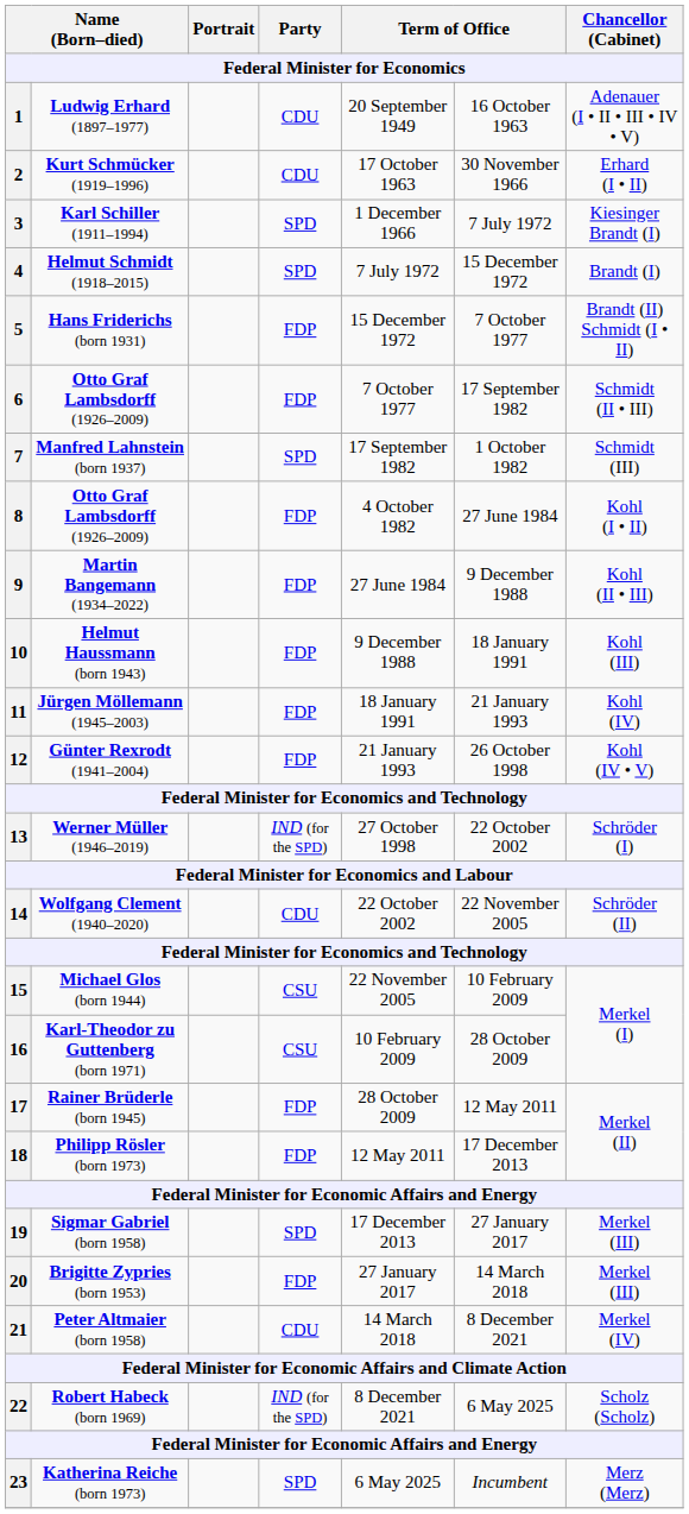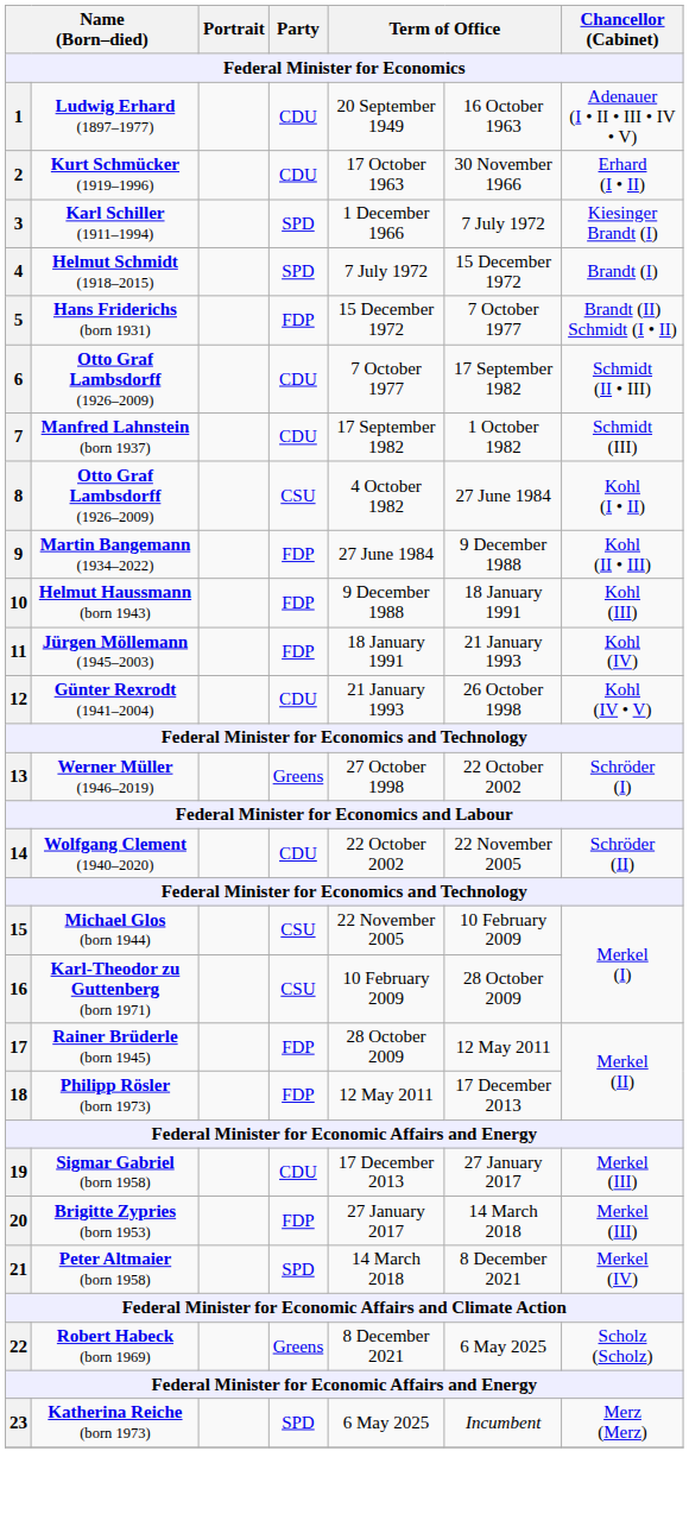 <table class="wikitable" style="text-align:center;">
 <tr>
 <th colspan=2>Name<br>(Born–died)</th>
 <th>Portrait</th>
 <th>Party</th>
 <th colspan=2>Term of Office</th>
 <th><a href='#'>Chancellor</a><br>(Cabinet)</th>
 </tr>
 <tr>
 <th style="background:#EEEEFF" align="center" colspan="7">Federal Minister for Economics</th>
 </tr>
 <tr>
 <th style="background:">1</th>
 <td><strong><a href='#'>Ludwig Erhard</a></strong><br><small>(1897–1977)</small></td>
 <td></td>
 <td><a href='#'>CDU</a></td>
 <td>20 September 1949</td>
 <td>16 October 1963</td>
 <td><a href='#'>Adenauer</a><br>(<a href='#'>I</a> • II • III • IV • V)</td>
 </tr>
 <tr>
 <th style="background:">2</th>
 <td><strong><a href='#'>Kurt Schmücker</a></strong><br><small>(1919–1996)</small></td>
 <td></td>
 <td><a href='#'>CDU</a></td>
 <td>17 October 1963</td>
 <td>30 November 1966</td>
 <td><a href='#'>Erhard</a><br>(<a href='#'>I</a> • <a href='#'>II</a>)</td>
 </tr>
 <tr>
 <th style="background:">3</th>
 <td><strong><a href='#'>Karl Schiller</a></strong><br><small>(1911–1994)</small></td>
 <td></td>
 <td><a href='#'>SPD</a></td>
 <td>1 December 1966</td>
 <td>7 July 1972</td>
 <td><a href='#'>Kiesinger</a><br><a href='#'>Brandt</a> (<a href='#'>I</a>)</td>
 </tr>
 <tr>
 <th style="background:">4</th>
 <td><strong><a href='#'>Helmut Schmidt</a></strong><br><small>(1918–2015)</small></td>
 <td></td>
 <td><a href='#'>SPD</a></td>
 <td>7 July 1972</td>
 <td>15 December 1972</td>
 <td><a href='#'>Brandt</a> (<a href='#'>I</a>)</td>
 </tr>
 <tr>
 <th style="background:">5</th>
 <td><strong><a href='#'>Hans Friderichs</a></strong><br><small>(born 1931)</small></td>
 <td></td>
 <td><a href='#'>FDP</a></td>
 <td>15 December 1972</td>
 <td>7 October 1977</td>
 <td><a href='#'>Brandt</a> (<a href='#'>II</a>)<br><a href='#'>Schmidt</a> (<a href='#'>I</a> • <a href='#'>II</a>)</td>
 </tr>
 <tr>
 <th style="background:">6</th>
 <td><strong><a href='#'>Otto Graf Lambsdorff</a></strong><br><small>(1926–2009)</small></td>
 <td></td>
-<td><a href='#'>FDP</a></td>
+<td><a href='#'>CDU</a></td>
 <td>7 October 1977</td>
 <td>17 September 1982</td>
 <td><a href='#'>Schmidt</a><br>(<a href='#'>II</a> • III)</td>
 </tr>
 <tr>
 <th style="background:">7</th>
 <td><strong><a href='#'>Manfred Lahnstein</a></strong><br><small>(born 1937)</small></td>
 <td></td>
-<td><a href='#'>SPD</a></td>
+<td><a href='#'>CDU</a></td>
 <td>17 September 1982</td>
 <td>1 October 1982</td>
 <td><a href='#'>Schmidt</a><br>(III)</td>
 </tr>
 <tr>
 <th style="background:">8<br></th>
 <td><strong><a href='#'>Otto Graf Lambsdorff</a></strong><br><small>(1926–2009)</small></td>
 <td></td>
-<td><a href='#'>FDP</a></td>
+<td><a href='#'>CSU</a></td>
 <td>4 October 1982</td>
 <td>27 June 1984</td>
 <td><a href='#'>Kohl</a><br>(<a href='#'>I</a> • <a href='#'>II</a>)</td>
 </tr>
 <tr>
 <th style="background:">9</th>
 <td><strong><a href='#'>Martin Bangemann</a></strong><br><small>(1934–2022)</small></td>
 <td></td>
 <td><a href='#'>FDP</a></td>
 <td>27 June 1984</td>
 <td>9 December 1988</td>
 <td><a href='#'>Kohl</a><br>(<a href='#'>II</a> • <a href='#'>III</a>)</td>
 </tr>
 <tr>
 <th style="background:">10</th>
 <td><strong><a href='#'>Helmut Haussmann</a></strong><br><small>(born 1943)</small></td>
 <td></td>
 <td><a href='#'>FDP</a></td>
 <td>9 December 1988</td>
 <td>18 January 1991</td>
 <td><a href='#'>Kohl</a><br>(<a href='#'>III</a>)</td>
 </tr>
 <tr>
 <th style="background:">11</th>
 <td><strong><a href='#'>Jürgen Möllemann</a></strong><br><small>(1945–2003)</small></td>
 <td></td>
 <td><a href='#'>FDP</a></td>
 <td>18 January 1991</td>
 <td>21 January 1993</td>
 <td><a href='#'>Kohl</a><br>(<a href='#'>IV</a>)</td>
 </tr>
 <tr>
 <th style="background:">12</th>
 <td><strong><a href='#'>Günter Rexrodt</a></strong><br><small>(1941–2004)</small></td>
 <td></td>
-<td><a href='#'>FDP</a></td>
+<td><a href='#'>CDU</a></td>
 <td>21 January 1993</td>
 <td>26 October 1998</td>
 <td><a href='#'>Kohl</a><br>(<a href='#'>IV</a> • <a href='#'>V</a>)</td>
 </tr>
 <tr>
 <th style="background:#EEEEFF" colspan="7">Federal Minister for Economics and Technology</th>
 </tr>
 <tr>
 <th style="background:">13</th>
 <td><strong><a href='#'>Werner Müller</a></strong><br><small>(1946–2019)</small></td>
 <td></td>
-<td><a href='#'><em>IND</em></a> <small>(for the <a href='#'>SPD</a>)</small></td>
+<td><a href='#'>Greens</a></td>
 <td>27 October 1998</td>
 <td>22 October 2002</td>
 <td><a href='#'>Schröder</a><br>(<a href='#'>I</a>)</td>
 </tr>
 <tr>
 <th style="background:#EEEEFF" colspan="7">Federal Minister for Economics and Labour</th>
 </tr>
 <tr>
 <th style="background:">14</th>
 <td><strong><a href='#'>Wolfgang Clement</a></strong><br><small>(1940–2020)</small></td>
 <td></td>
 <td><a href='#'>CDU</a></td>
 <td>22 October 2002</td>
 <td>22 November 2005</td>
 <td><a href='#'>Schröder</a><br>(<a href='#'>II</a>)</td>
 </tr>
 <tr>
 <th style="background:#EEEEFF" colspan="7">Federal Minister for Economics and Technology</th>
 </tr>
 <tr>
 <th style="background:">15</th>
 <td><strong><a href='#'>Michael Glos</a></strong><br><small>(born 1944)</small></td>
 <td></td>
 <td><a href='#'>CSU</a></td>
 <td>22 November 2005</td>
 <td>10 February 2009</td>
 <td rowspan=2><a href='#'>Merkel</a><br>(<a href='#'>I</a>)</td>
 </tr>
 <tr>
 <th style="background:">16</th>
 <td><strong><a href='#'>Karl-Theodor zu Guttenberg</a></strong><br><small>(born 1971)</small></td>
 <td></td>
 <td><a href='#'>CSU</a></td>
 <td>10 February 2009</td>
 <td>28 October 2009</td>
 </tr>
 <tr>
 <th style="background:">17</th>
 <td><strong><a href='#'>Rainer Brüderle</a></strong><br><small>(born 1945)</small></td>
 <td></td>
 <td><a href='#'>FDP</a></td>
 <td>28 October 2009</td>
 <td>12 May 2011</td>
 <td rowspan=2><a href='#'>Merkel</a><br>(<a href='#'>II</a>)</td>
 </tr>
 <tr>
 <th style="background:">18</th>
 <td><strong><a href='#'>Philipp Rösler</a></strong><br><small>(born 1973)</small></td>
 <td></td>
 <td><a href='#'>FDP</a></td>
 <td>12 May 2011</td>
 <td>17 December 2013</td>
 </tr>
 <tr>
 <th style="background:#EEEEFF" colspan="7">Federal Minister for Economic Affairs and Energy</th>
 </tr>
 <tr>
 <th style="background:">19</th>
 <td><strong><a href='#'>Sigmar Gabriel</a></strong><br><small>(born 1958)</small></td>
 <td></td>
-<td><a href='#'>SPD</a></td>
+<td><a href='#'>CDU</a></td>
 <td>17 December 2013</td>
 <td>27 January 2017</td>
 <td><a href='#'>Merkel</a><br>(<a href='#'>III</a>)</td>
 </tr>
 <tr>
 <th style="background:">20</th>
 <td><strong><a href='#'>Brigitte Zypries</a></strong><br><small>(born 1953)</small></td>
 <td></td>
 <td><a href='#'>FDP</a></td>
 <td>27 January 2017</td>
 <td>14 March 2018</td>
 <td><a href='#'>Merkel</a><br>(<a href='#'>III</a>)</td>
 </tr>
 <tr>
 <th style="background:">21</th>
 <td><strong><a href='#'>Peter Altmaier</a></strong><br><small>(born 1958)</small></td>
 <td></td>
-<td><a href='#'>CDU</a></td>
+<td><a href='#'>SPD</a></td>
 <td>14 March 2018</td>
 <td>8 December 2021</td>
 <td><a href='#'>Merkel</a><br>(<a href='#'>IV</a>)</td>
 </tr>
 <tr>
 <th style="background:#EEEEFF" colspan="7">Federal Minister for Economic Affairs and Climate Action</th>
 </tr>
 <tr>
 <th style="background:">22</th>
 <td><strong><a href='#'>Robert Habeck</a></strong><br><small>(born 1969)</small></td>
 <td></td>
-<td><a href='#'><em>IND</em></a> <small>(for the <a href='#'>SPD</a>)</small></td>
+<td><a href='#'>Greens</a></td>
 <td>8 December 2021</td>
 <td>6 May 2025</td>
 <td><a href='#'>Scholz</a><br>(<a href='#'>Scholz</a>)</td>
 </tr>
 <tr>
 <th style="background:#EEEEFF" colspan="7">Federal Minister for Economic Affairs and Energy</th>
 </tr>
 <tr>
 <th style="background:">23</th>
 <td><strong><a href='#'>Katherina Reiche</a></strong><br><small>(born 1973)</small></td>
 <td></td>
 <td><a href='#'>SPD</a></td>
 <td>6 May 2025</td>
 <td><em>Incumbent</em></td>
 <td><a href='#'>Merz</a><br>(<a href='#'>Merz</a>)</td>
 </tr>
 <tr>
 </tr>
 </table>
